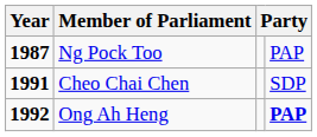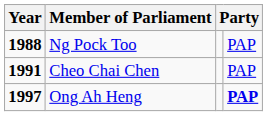 <table class="wikitable">
 <tr>
 <th>Year</th>
 <th>Member of Parliament</th>
 <th colspan="2">Party</th>
 </tr>
 <tr>
-<td><strong>1987</strong></td>
+<td><strong>1988</strong></td>
 <td><a href='#'>Ng Pock Too</a></td>
 <td></td>
 <td><a href='#'>PAP</a></td>
 </tr>
 <tr>
 <td><strong>1991</strong></td>
 <td><a href='#'>Cheo Chai Chen</a></td>
 <td></td>
-<td><a href='#'>SDP</a></td>
+<td><a href='#'>PAP</a></td>
 </tr>
 <tr>
-<td><strong>1992</strong></td>
+<td><strong>1997</strong></td>
 <td><a href='#'>Ong Ah Heng</a></td>
 <td></td>
 <td><strong><a href='#'>PAP</a></strong></td>
 </tr>
 </table>
